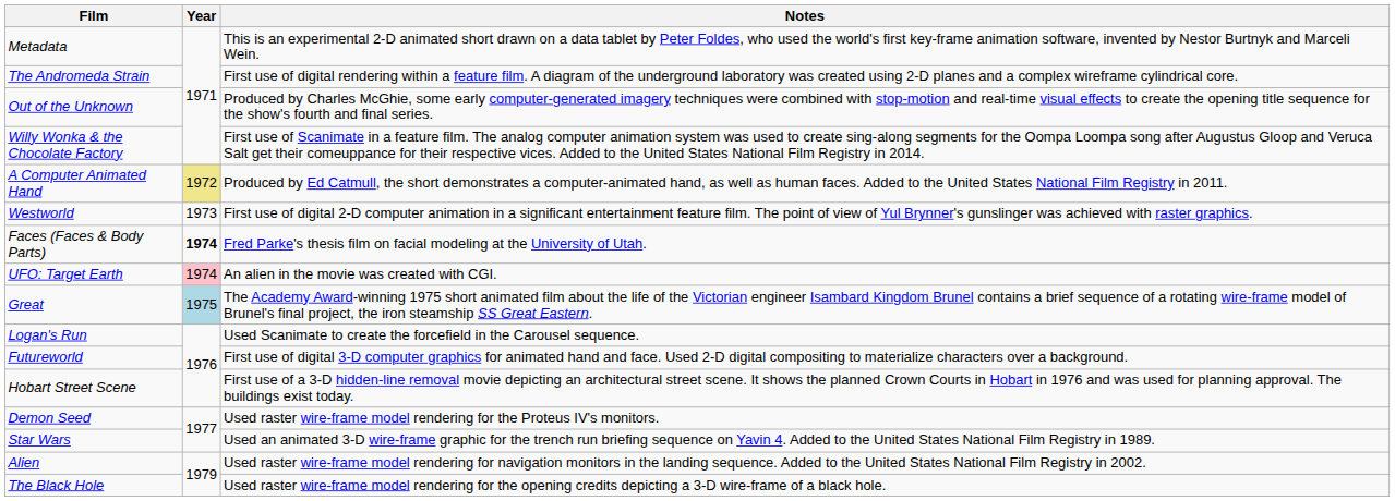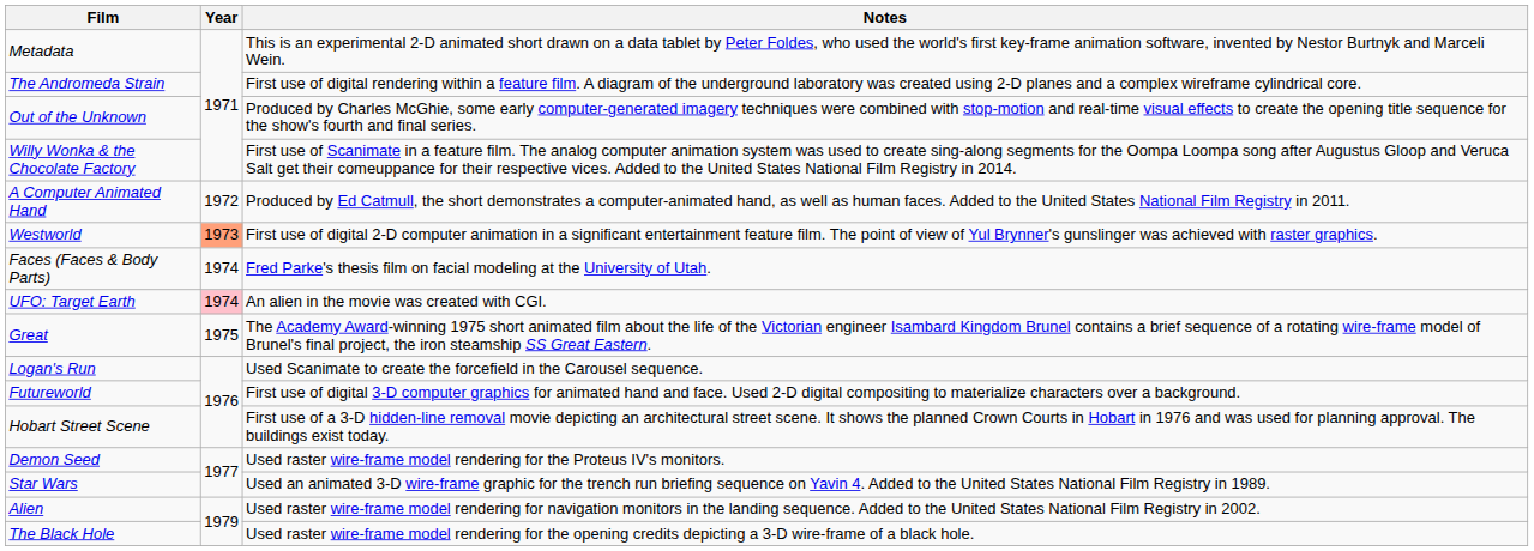 <table class="wikitable">
 <tr>
 <th>Film</th>
 <th>Year</th>
 <th>Notes</th>
 </tr>
 <tr>
 <td><em>Metadata</em></td>
 <td rowspan=4 align="center">1971</td>
 <td>This is an experimental 2-D animated short drawn on a data tablet by <a href='#'>Peter Foldes</a>, who used the world's first key-frame animation software, invented by Nestor Burtnyk and Marceli Wein.</td>
 </tr>
 <tr>
 <td><em><a href='#'>The Andromeda Strain</a></em></td>
 <td>First use of digital rendering within a <a href='#'>feature film</a>. A diagram of the underground laboratory was created using 2-D planes and a complex wireframe cylindrical core.</td>
 </tr>
 <tr>
 <td><em><a href='#'>Out of the Unknown</a></em></td>
 <td>Produced by Charles McGhie, some early <a href='#'>computer-generated imagery</a> techniques were combined with <a href='#'>stop-motion</a> and real-time <a href='#'>visual effects</a> to create the opening title sequence for the show's fourth and final series.</td>
 </tr>
 <tr>
 <td><em><a href='#'>Willy Wonka & the Chocolate Factory</a></em></td>
 <td>First use of <a href='#'>Scanimate</a> in a feature film. The analog computer animation system was used to create sing-along segments for the Oompa Loompa song after Augustus Gloop and Veruca Salt get their comeuppance for their respective vices. Added to the United States National Film Registry in 2014.</td>
 </tr>
 <tr>
 <td><em><a href='#'>A Computer Animated Hand</a></em></td>
-<td style="background: khaki;">1972</td>
+<td>1972</td>
 <td>Produced by <a href='#'>Ed Catmull</a>, the short demonstrates a computer-animated hand, as well as human faces. Added to the United States <a href='#'>National Film Registry</a> in 2011.</td>
 </tr>
 <tr>
 <td><em><a href='#'>Westworld</a></em></td>
-<td>1973</td>
+<td style="background: lightsalmon;">1973</td>
 <td>First use of digital 2-D computer animation in a significant entertainment feature film. The point of view of <a href='#'>Yul Brynner</a>'s gunslinger was achieved with <a href='#'>raster graphics</a>.</td>
 </tr>
 <tr>
 <td><em>Faces (Faces & Body Parts)</em></td>
-<td align="center"><strong>1974</strong></td>
+<td align="center">1974</td>
 <td><a href='#'>Fred Parke</a>'s thesis film on facial modeling at the <a href='#'>University of Utah</a>.</td>
 </tr>
 <tr>
 <td><em><a href='#'>UFO: Target Earth</a></em></td>
 <td style="background: pink;">1974</td>
 <td>An alien in the movie was created with CGI.</td>
 </tr>
 <tr>
 <td><em><a href='#'>Great</a></em></td>
-<td style="background: lightblue;">1975</td>
+<td>1975</td>
 <td>The <a href='#'>Academy Award</a>-winning 1975 short animated film about the life of the <a href='#'>Victorian</a> engineer <a href='#'>Isambard Kingdom Brunel</a> contains a brief sequence of a rotating <a href='#'>wire-frame</a> model of Brunel's final project, the iron steamship <em><a href='#'>SS Great Eastern</a></em>.</td>
 </tr>
 <tr>
 <td><em><a href='#'>Logan's Run</a></em></td>
 <td rowspan=3 align="center">1976</td>
 <td>Used Scanimate to create the forcefield in the Carousel sequence.</td>
 </tr>
 <tr>
 <td><em><a href='#'>Futureworld</a></em></td>
 <td>First use of digital <a href='#'>3-D computer graphics</a> for animated hand and face. Used 2-D digital compositing to materialize characters over a background.</td>
 </tr>
 <tr>
 <td><em>Hobart Street Scene</em></td>
 <td>First use of a 3-D <a href='#'>hidden-line removal</a> movie depicting an architectural street scene. It shows the planned Crown Courts in <a href='#'>Hobart</a> in 1976 and was used for planning approval. The buildings exist today.</td>
 </tr>
 <tr>
 <td><em><a href='#'>Demon Seed</a></em></td>
 <td rowspan=2 align="center">1977</td>
 <td>Used raster <a href='#'>wire-frame model</a> rendering for the Proteus IV's monitors.</td>
 </tr>
 <tr>
 <td><em><a href='#'>Star Wars</a></em></td>
 <td>Used an animated 3-D <a href='#'>wire-frame</a> graphic for the trench run briefing sequence on <a href='#'>Yavin 4</a>. Added to the United States National Film Registry in 1989.</td>
 </tr>
 <tr>
 <td><em><a href='#'>Alien</a></em></td>
 <td rowspan=2 align="center">1979</td>
 <td>Used raster <a href='#'>wire-frame model</a> rendering for navigation monitors in the landing sequence. Added to the United States National Film Registry in 2002.</td>
 </tr>
 <tr>
 <td><em><a href='#'>The Black Hole</a></em></td>
 <td>Used raster <a href='#'>wire-frame model</a> rendering for the opening credits depicting a 3-D wire-frame of a black hole.</td>
 </tr>
 </table>
